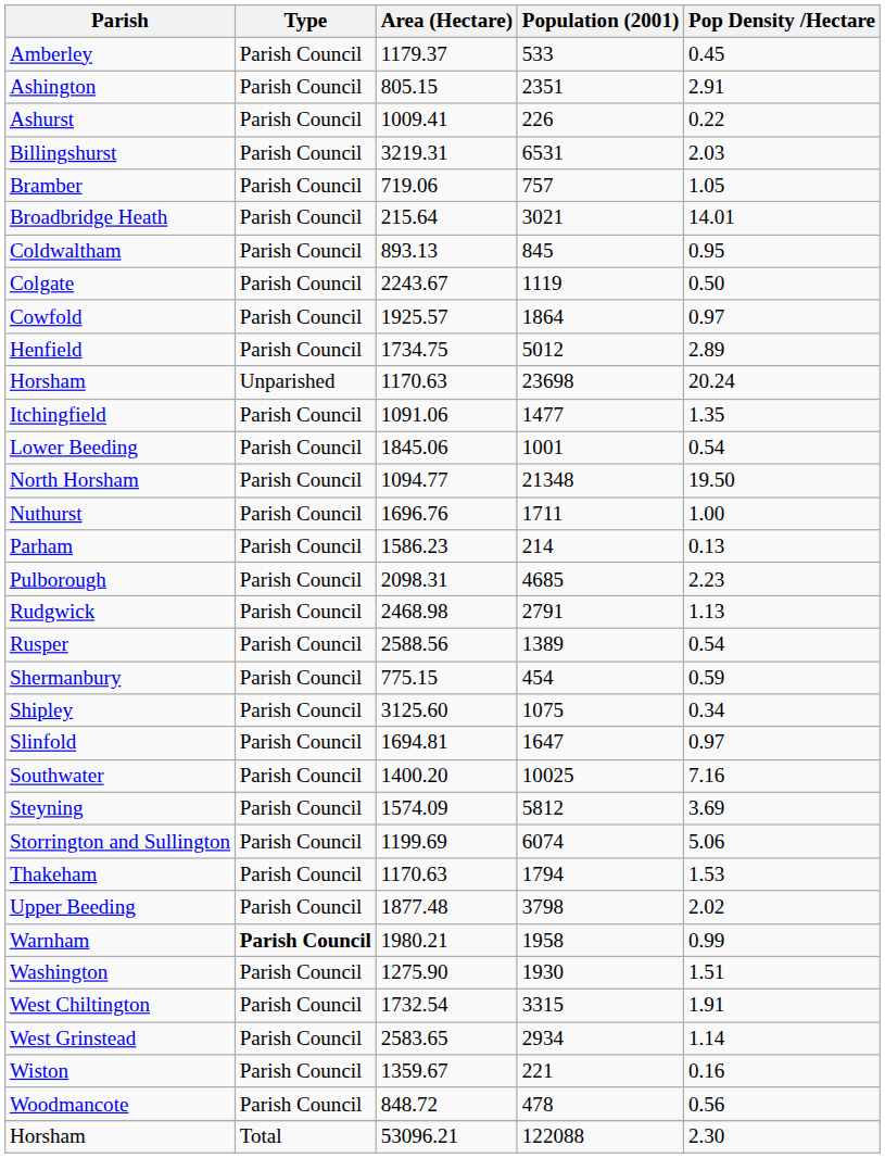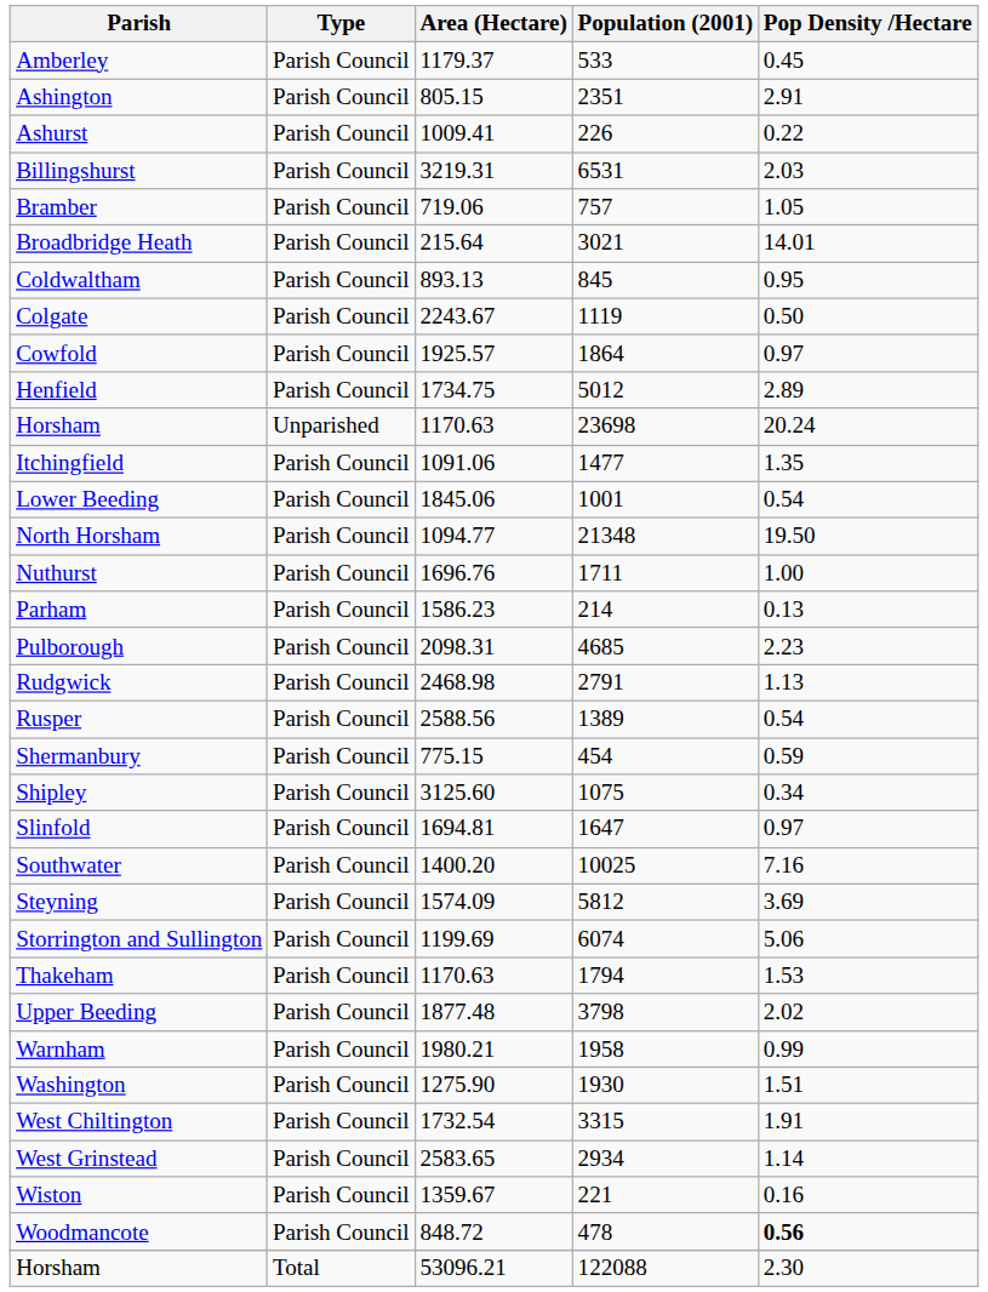 <table class="wikitable sortable" style="margin: 1em auto 1em auto">
 <tr>
 <th>Parish</th>
 <th>Type</th>
 <th>Area (Hectare)</th>
 <th>Population (2001)</th>
 <th>Pop Density /Hectare</th>
 </tr>
 <tr>
 <td><a href='#'>Amberley</a></td>
 <td>Parish Council</td>
 <td>1179.37</td>
 <td>533</td>
 <td>0.45</td>
 </tr>
 <tr>
 <td><a href='#'>Ashington</a></td>
 <td>Parish Council</td>
 <td>805.15</td>
 <td>2351</td>
 <td>2.91</td>
 </tr>
 <tr>
 <td><a href='#'>Ashurst</a></td>
 <td>Parish Council</td>
 <td>1009.41</td>
 <td>226</td>
 <td>0.22</td>
 </tr>
 <tr>
 <td><a href='#'>Billingshurst</a></td>
 <td>Parish Council</td>
 <td>3219.31</td>
 <td>6531</td>
 <td>2.03</td>
 </tr>
 <tr>
 <td><a href='#'>Bramber</a></td>
 <td>Parish Council</td>
 <td>719.06</td>
 <td>757</td>
 <td>1.05</td>
 </tr>
 <tr>
 <td><a href='#'>Broadbridge Heath</a></td>
 <td>Parish Council</td>
 <td>215.64</td>
 <td>3021</td>
 <td>14.01</td>
 </tr>
 <tr>
 <td><a href='#'>Coldwaltham</a></td>
 <td>Parish Council</td>
 <td>893.13</td>
 <td>845</td>
 <td>0.95</td>
 </tr>
 <tr>
 <td><a href='#'>Colgate</a></td>
 <td>Parish Council</td>
 <td>2243.67</td>
 <td>1119</td>
 <td>0.50</td>
 </tr>
 <tr>
 <td><a href='#'>Cowfold</a></td>
 <td>Parish Council</td>
 <td>1925.57</td>
 <td>1864</td>
 <td>0.97</td>
 </tr>
 <tr>
 <td><a href='#'>Henfield</a></td>
 <td>Parish Council</td>
 <td>1734.75</td>
 <td>5012</td>
 <td>2.89</td>
 </tr>
 <tr>
 <td><a href='#'>Horsham</a></td>
 <td>Unparished</td>
 <td>1170.63</td>
 <td>23698</td>
 <td>20.24</td>
 </tr>
 <tr>
 <td><a href='#'>Itchingfield</a></td>
 <td>Parish Council</td>
 <td>1091.06</td>
 <td>1477</td>
 <td>1.35</td>
 </tr>
 <tr>
 <td><a href='#'>Lower Beeding</a></td>
 <td>Parish Council</td>
 <td>1845.06</td>
 <td>1001</td>
 <td>0.54</td>
 </tr>
 <tr>
 <td><a href='#'>North Horsham</a></td>
 <td>Parish Council</td>
 <td>1094.77</td>
 <td>21348</td>
 <td>19.50</td>
 </tr>
 <tr>
 <td><a href='#'>Nuthurst</a></td>
 <td>Parish Council</td>
 <td>1696.76</td>
 <td>1711</td>
 <td>1.00</td>
 </tr>
 <tr>
 <td><a href='#'>Parham</a></td>
 <td>Parish Council</td>
 <td>1586.23</td>
 <td>214</td>
 <td>0.13</td>
 </tr>
 <tr>
 <td><a href='#'>Pulborough</a></td>
 <td>Parish Council</td>
 <td>2098.31</td>
 <td>4685</td>
 <td>2.23</td>
 </tr>
 <tr>
 <td><a href='#'>Rudgwick</a></td>
 <td>Parish Council</td>
 <td>2468.98</td>
 <td>2791</td>
 <td>1.13</td>
 </tr>
 <tr>
 <td><a href='#'>Rusper</a></td>
 <td>Parish Council</td>
 <td>2588.56</td>
 <td>1389</td>
 <td>0.54</td>
 </tr>
 <tr>
 <td><a href='#'>Shermanbury</a></td>
 <td>Parish Council</td>
 <td>775.15</td>
 <td>454</td>
 <td>0.59</td>
 </tr>
 <tr>
 <td><a href='#'>Shipley</a></td>
 <td>Parish Council</td>
 <td>3125.60</td>
 <td>1075</td>
 <td>0.34</td>
 </tr>
 <tr>
 <td><a href='#'>Slinfold</a></td>
 <td>Parish Council</td>
 <td>1694.81</td>
 <td>1647</td>
 <td>0.97</td>
 </tr>
 <tr>
 <td><a href='#'>Southwater</a></td>
 <td>Parish Council</td>
 <td>1400.20</td>
 <td>10025</td>
 <td>7.16</td>
 </tr>
 <tr>
 <td><a href='#'>Steyning</a></td>
 <td>Parish Council</td>
 <td>1574.09</td>
 <td>5812</td>
 <td>3.69</td>
 </tr>
 <tr>
 <td><a href='#'>Storrington and Sullington</a></td>
 <td>Parish Council</td>
 <td>1199.69</td>
 <td>6074</td>
 <td>5.06</td>
 </tr>
 <tr>
 <td><a href='#'>Thakeham</a></td>
 <td>Parish Council</td>
 <td>1170.63</td>
 <td>1794</td>
 <td>1.53</td>
 </tr>
 <tr>
 <td><a href='#'>Upper Beeding</a></td>
 <td>Parish Council</td>
 <td>1877.48</td>
 <td>3798</td>
 <td>2.02</td>
 </tr>
 <tr>
 <td><a href='#'>Warnham</a></td>
-<td><strong>Parish Council</strong></td>
+<td>Parish Council</td>
 <td>1980.21</td>
 <td>1958</td>
 <td>0.99</td>
 </tr>
 <tr>
 <td><a href='#'>Washington</a></td>
 <td>Parish Council</td>
 <td>1275.90</td>
 <td>1930</td>
 <td>1.51</td>
 </tr>
 <tr>
 <td><a href='#'>West Chiltington</a></td>
 <td>Parish Council</td>
 <td>1732.54</td>
 <td>3315</td>
 <td>1.91</td>
 </tr>
 <tr>
 <td><a href='#'>West Grinstead</a></td>
 <td>Parish Council</td>
 <td>2583.65</td>
 <td>2934</td>
 <td>1.14</td>
 </tr>
 <tr>
 <td><a href='#'>Wiston</a></td>
 <td>Parish Council</td>
 <td>1359.67</td>
 <td>221</td>
 <td>0.16</td>
 </tr>
 <tr>
 <td><a href='#'>Woodmancote</a></td>
 <td>Parish Council</td>
 <td>848.72</td>
 <td>478</td>
-<td>0.56</td>
+<td><strong>0.56</strong></td>
 </tr>
 <tr>
 </tr>
 <tr class="sortbottom">
 <td>Horsham</td>
 <td>Total</td>
 <td>53096.21</td>
 <td>122088</td>
 <td>2.30</td>
 </tr>
 </table>
